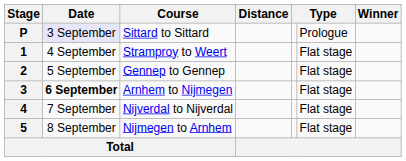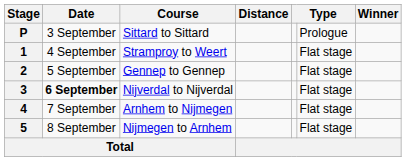 <table class=wikitable>
 <tr>
 <th>Stage</th>
 <th>Date</th>
 <th>Course</th>
 <th>Distance</th>
 <th colspan=2>Type</th>
 <th>Winner</th>
 </tr>
 <tr>
 <th align=center>P</th>
-<td align=center style="background: lavender;">3 September</td>
+<td align=center>3 September</td>
 <td><a href='#'>Sittard</a> to Sittard</td>
 <td align=center></td>
 <td></td>
 <td>Prologue</td>
 <td></td>
 </tr>
 <tr>
 <th align=center>1</th>
 <td align=center>4 September</td>
 <td><a href='#'>Stramproy</a> to <a href='#'>Weert</a></td>
 <td align=center></td>
 <td align=center></td>
 <td>Flat stage</td>
 <td></td>
 </tr>
 <tr>
 <th align=center>2</th>
 <td align=center>5 September</td>
 <td><a href='#'>Gennep</a> to Gennep</td>
 <td align=center></td>
 <td align=center></td>
 <td>Flat stage</td>
 <td></td>
 </tr>
 <tr>
 <th align=center>3</th>
 <td align=center><strong>6 September</strong></td>
-<td><a href='#'>Arnhem</a> to <a href='#'>Nijmegen</a></td>
+<td><a href='#'>Nijverdal</a> to Nijverdal</td>
 <td align=center></td>
 <td align=center></td>
 <td>Flat stage</td>
 <td></td>
 </tr>
 <tr>
 <th align=center>4</th>
 <td align=center>7 September</td>
-<td><a href='#'>Nijverdal</a> to Nijverdal</td>
+<td><a href='#'>Arnhem</a> to <a href='#'>Nijmegen</a></td>
 <td align=center></td>
 <td align=center></td>
 <td>Flat stage</td>
 <td></td>
 </tr>
 <tr>
 <th align=center>5</th>
 <td align=center>8 September</td>
 <td><a href='#'>Nijmegen</a> to <a href='#'>Arnhem</a></td>
 <td align=center></td>
 <td align=center></td>
 <td>Flat stage</td>
 <td></td>
 </tr>
 <tr>
 <th colspan=3>Total</th>
 <th colspan=5></th>
 </tr>
 </table>
